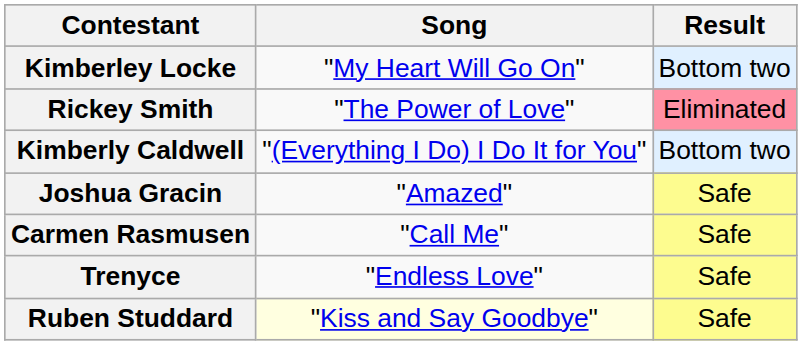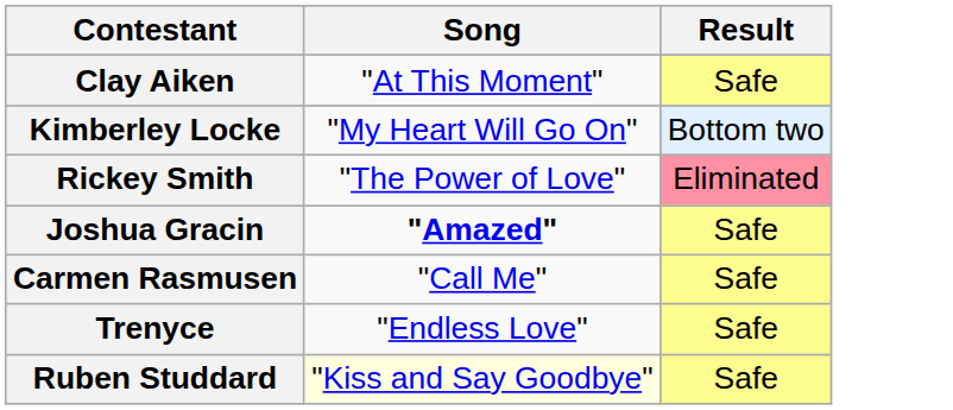 <table class="wikitable unsortable" style="text-align:center;">
 <tr>
 <th scope="col">Contestant</th>
 <th scope="col">Song</th>
 <th scope="col">Result</th>
+</tr>
+<tr>
+<th scope="row">Clay Aiken</th>
+<td>"<a href='#'>At This Moment</a>"</td>
+<td style="background:#FDFC8F;">Safe</td>
 </tr>
 <tr>
 <th scope="row">Kimberley Locke</th>
 <td>"<a href='#'>My Heart Will Go On</a>"</td>
 <td style="background:#e0f0ff">Bottom two</td>
 </tr>
 <tr>
 <th scope="row">Rickey Smith</th>
 <td>"<a href='#'>The Power of Love</a>"</td>
 <td bgcolor="FF91A4">Eliminated</td>
 </tr>
 <tr>
-<th scope="row">Kimberly Caldwell</th>
-<td>"<a href='#'>(Everything I Do) I Do It for You</a>"</td>
-<td style="background:#e0f0ff">Bottom two</td>
-</tr>
-<tr>
 <th scope="row">Joshua Gracin</th>
-<td>"<a href='#'>Amazed</a>"</td>
+<td><strong>"<a href='#'>Amazed</a>"</strong></td>
 <td style="background:#FDFC8F;">Safe</td>
 </tr>
 <tr>
 <th scope="row">Carmen Rasmusen</th>
 <td>"<a href='#'>Call Me</a>"</td>
 <td style="background:#FDFC8F;">Safe</td>
 </tr>
 <tr>
 <th scope="row">Trenyce</th>
 <td>"<a href='#'>Endless Love</a>"</td>
 <td style="background:#FDFC8F;">Safe</td>
 </tr>
 <tr>
 <th scope="row">Ruben Studdard</th>
 <td style="background: lightyellow;">"<a href='#'>Kiss and Say Goodbye</a>"</td>
 <td style="background:#FDFC8F;">Safe</td>
 </tr>
 </table>
